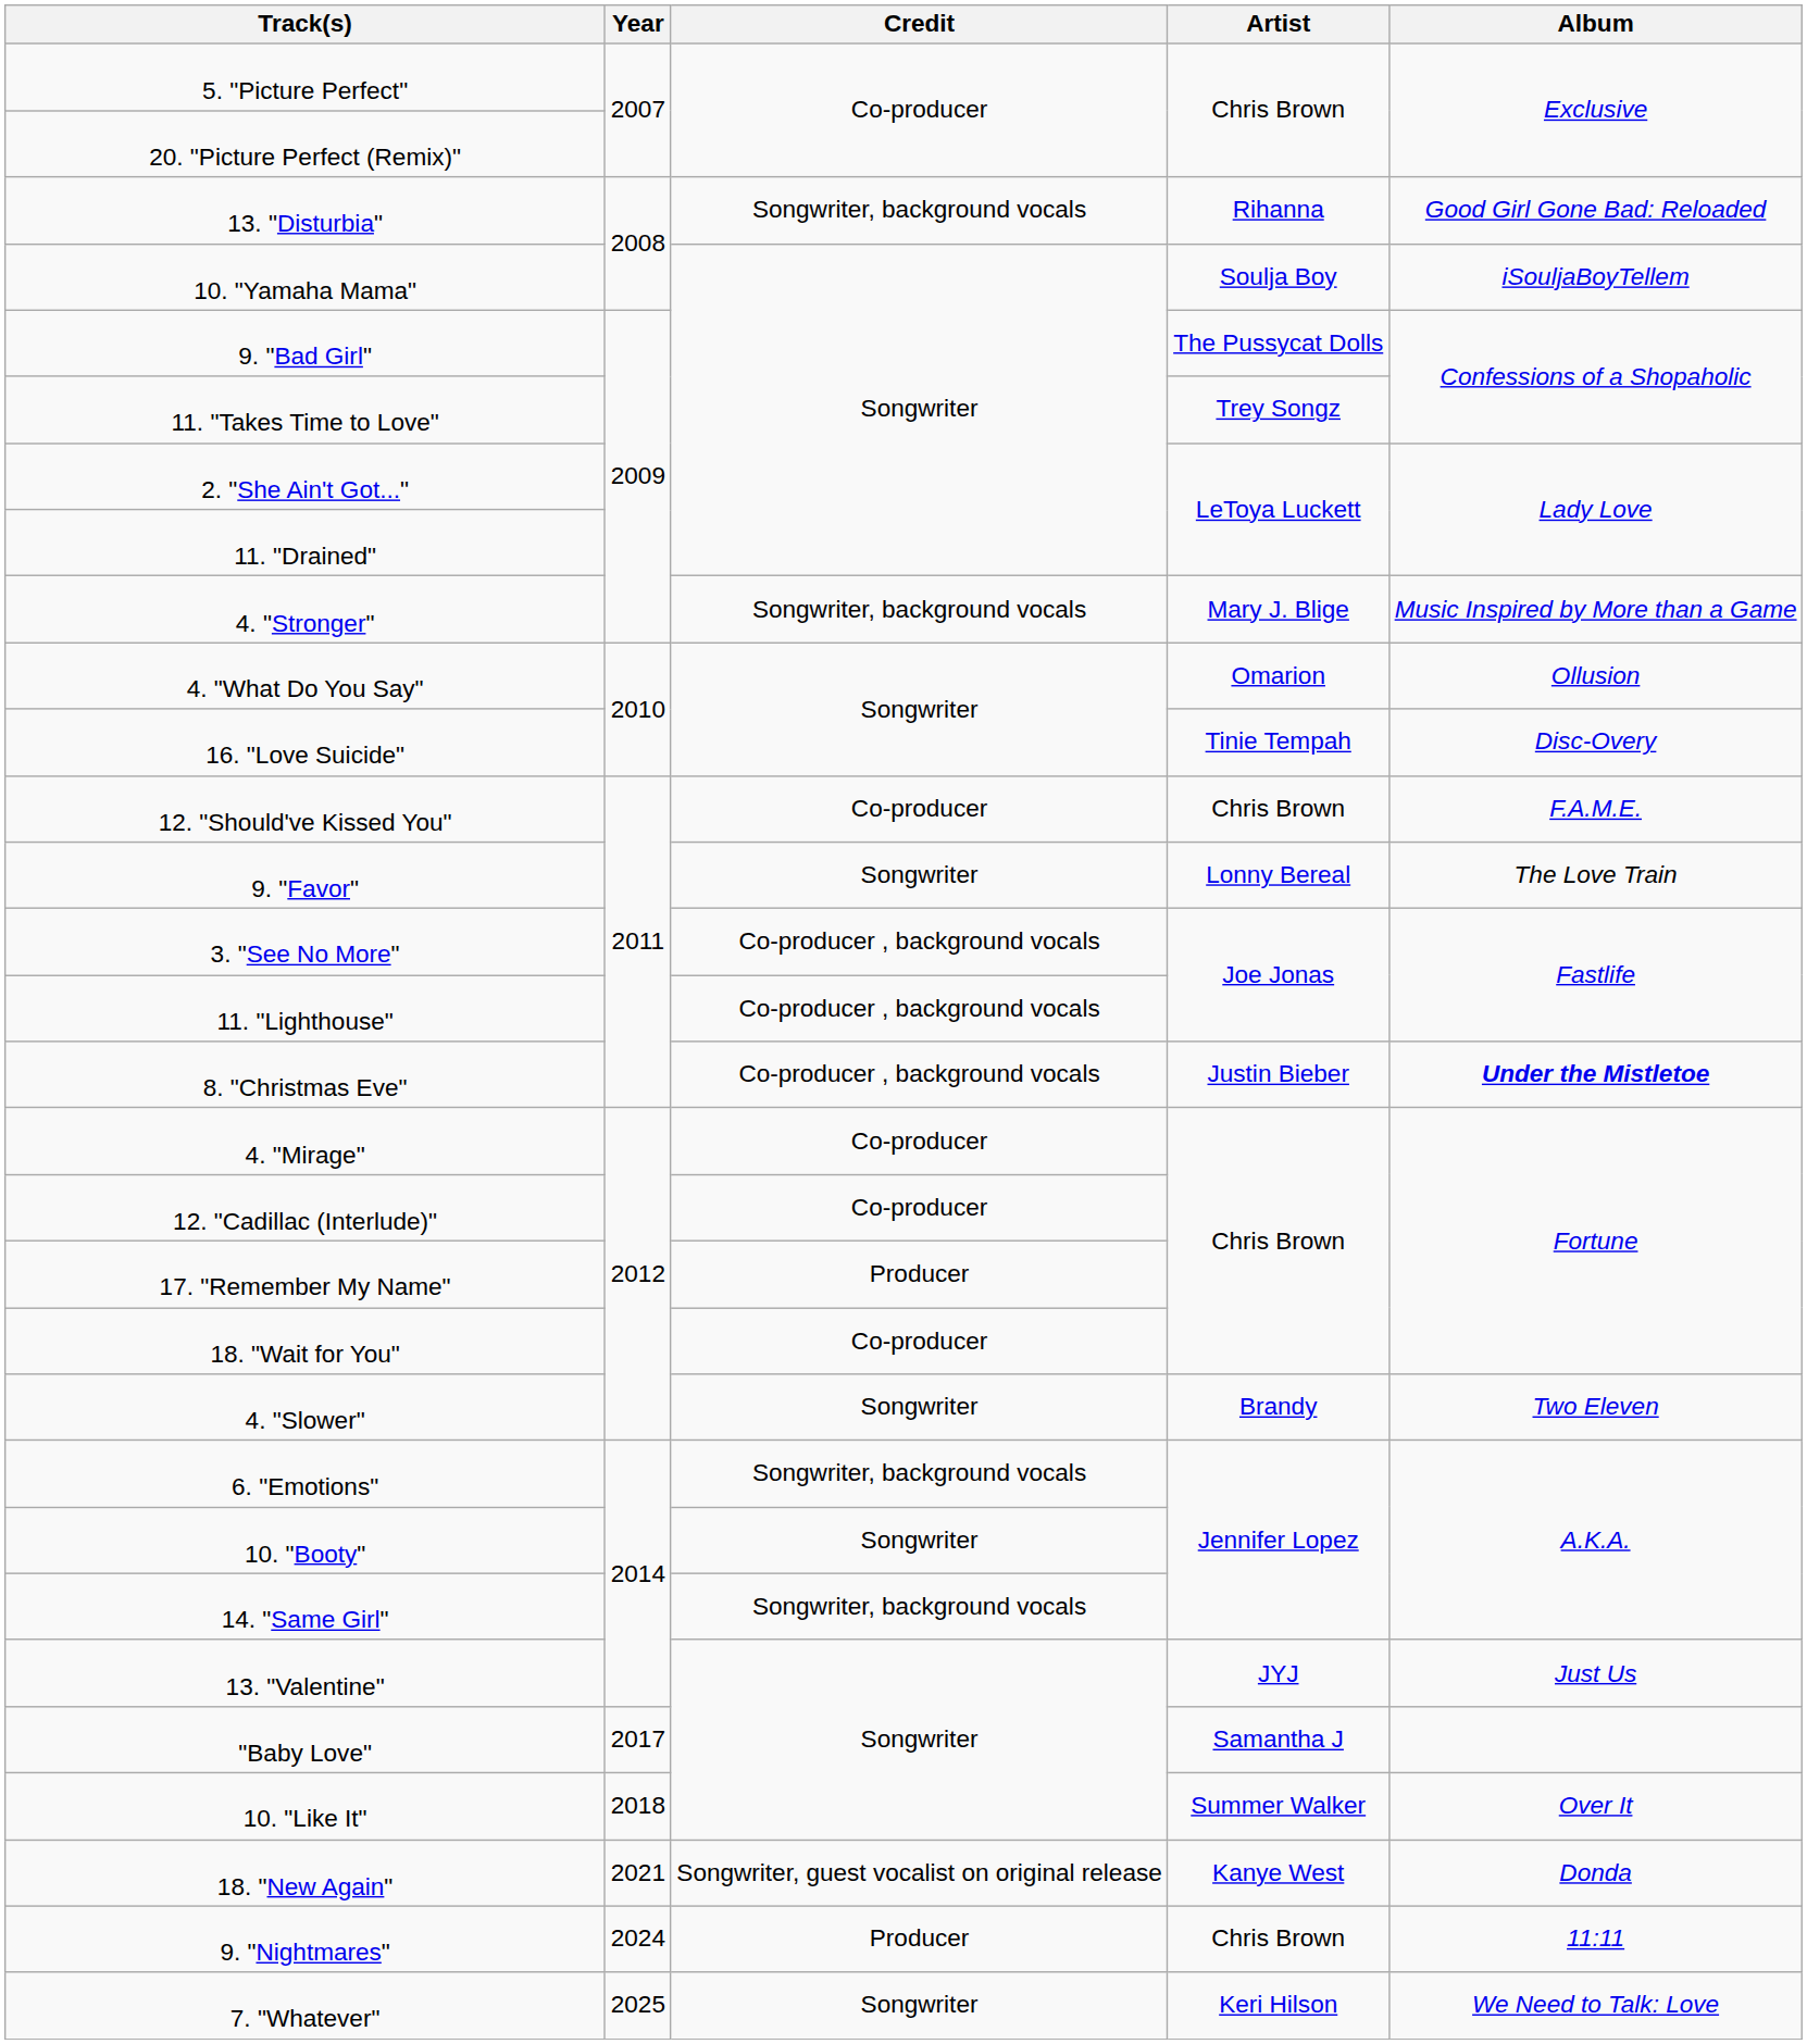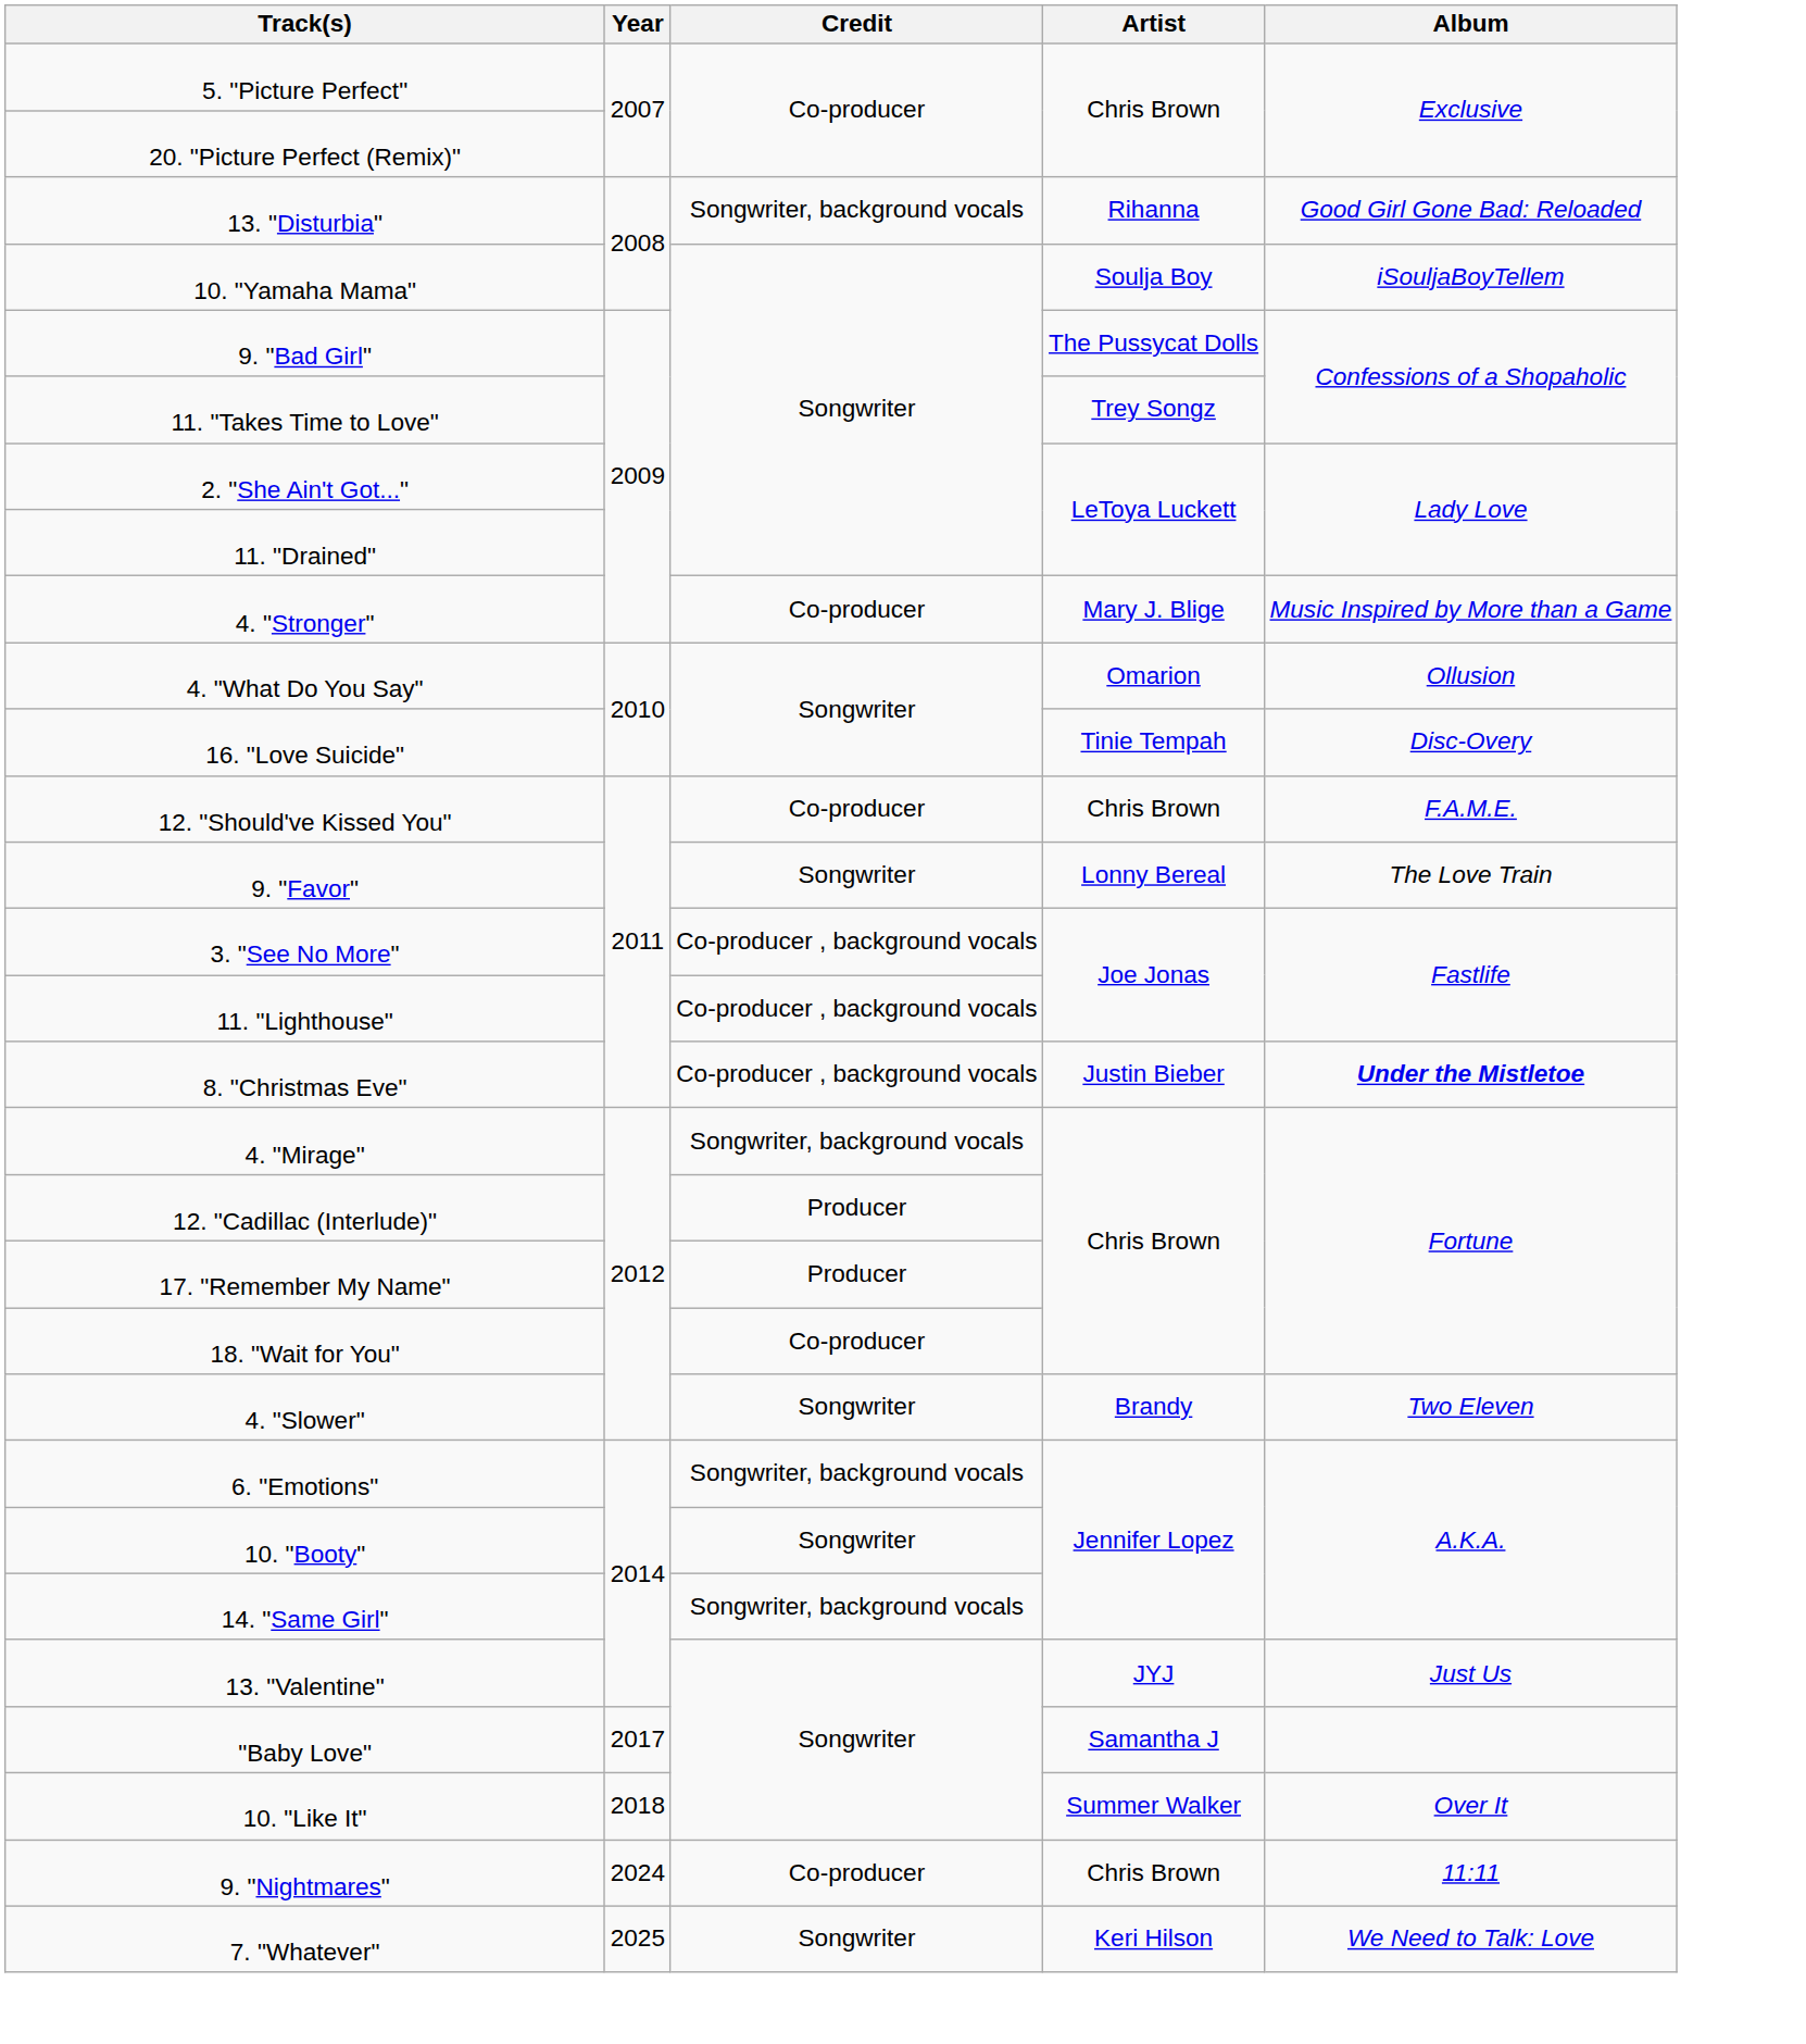 <table class="wikitable plainrowheaders" style="text-align:center;">
 <tr>
 <th scope="col" style="width:24em;">Track(s)</th>
 <th scope="col" style="width:1em;">Year</th>
 <th scope="col">Credit</th>
 <th scope="col">Artist</th>
 <th scope="col">Album</th>
 </tr>
 <tr>
 <td><br>5. "Picture Perfect" <br></td>
 <td rowspan="2">2007</td>
 <td rowspan="2">Co-producer </td>
 <td rowspan="2">Chris Brown</td>
 <td rowspan="2"><em><a href='#'>Exclusive</a></em></td>
 </tr>
 <tr>
 <td><br>20. "Picture Perfect (Remix)" <br></td>
 </tr>
 <tr>
 <td><br>13. "<a href='#'>Disturbia</a>"</td>
 <td rowspan="2">2008</td>
 <td>Songwriter, background vocals</td>
 <td><a href='#'>Rihanna</a></td>
 <td><em><a href='#'>Good Girl Gone Bad: Reloaded</a></em></td>
 </tr>
 <tr>
 <td><br>10. "Yamaha Mama" <br></td>
 <td rowspan="5">Songwriter</td>
 <td><a href='#'>Soulja Boy</a></td>
 <td><em><a href='#'>iSouljaBoyTellem</a></em></td>
 </tr>
 <tr>
 <td><br>9. "<a href='#'>Bad Girl</a>"</td>
 <td rowspan="5">2009</td>
 <td><a href='#'>The Pussycat Dolls</a></td>
 <td rowspan="2"><em><a href='#'>Confessions of a Shopaholic</a></em></td>
 </tr>
 <tr>
 <td><br>11. "Takes Time to Love"</td>
 <td><a href='#'>Trey Songz</a></td>
 </tr>
 <tr>
 <td><br>2. "<a href='#'>She Ain't Got...</a>"</td>
 <td rowspan="2"><a href='#'>LeToya Luckett</a></td>
 <td rowspan="2"><em><a href='#'>Lady Love</a></em></td>
 </tr>
 <tr>
 <td><br>11. "Drained"</td>
 </tr>
 <tr>
 <td><br>4. "<a href='#'>Stronger</a>"</td>
-<td>Songwriter, background vocals</td>
+<td>Co-producer </td>
 <td><a href='#'>Mary J. Blige</a></td>
 <td><em><a href='#'>Music Inspired by More than a Game</a></em></td>
 </tr>
 <tr>
 <td><br>4. "What Do You Say"</td>
 <td rowspan="2">2010</td>
 <td rowspan="2">Songwriter</td>
 <td><a href='#'>Omarion</a></td>
 <td><em><a href='#'>Ollusion</a></em></td>
 </tr>
 <tr>
 <td><br>16. "Love Suicide" <br></td>
 <td><a href='#'>Tinie Tempah</a></td>
 <td><em><a href='#'>Disc-Overy</a></em></td>
 </tr>
 <tr>
 <td><br>12. "Should've Kissed You"</td>
 <td rowspan="5">2011</td>
 <td>Co-producer </td>
 <td>Chris Brown</td>
 <td><em><a href='#'>F.A.M.E.</a></em></td>
 </tr>
 <tr>
 <td><br>9. "<a href='#'>Favor</a>" <br></td>
 <td>Songwriter</td>
 <td><a href='#'>Lonny Bereal</a></td>
 <td><em>The Love Train</em></td>
 </tr>
 <tr>
 <td><br>3. "<a href='#'>See No More</a>"</td>
 <td>Co-producer , background vocals</td>
 <td rowspan="2"><a href='#'>Joe Jonas</a></td>
 <td rowspan="2"><em><a href='#'>Fastlife</a></em></td>
 </tr>
 <tr>
 <td><br>11. "Lighthouse"</td>
 <td>Co-producer , background vocals</td>
 </tr>
 <tr>
 <td><br>8. "Christmas Eve"</td>
 <td>Co-producer , background vocals</td>
 <td><a href='#'>Justin Bieber</a></td>
 <td><strong><em><a href='#'>Under the Mistletoe</a></em></strong></td>
 </tr>
 <tr>
 <td><br>4. "Mirage"</td>
 <td rowspan="5">2012</td>
-<td>Co-producer </td>
+<td>Songwriter, background vocals</td>
 <td rowspan="4">Chris Brown</td>
 <td rowspan="4"><em><a href='#'>Fortune</a></em></td>
 </tr>
 <tr>
 <td><br>12. "Cadillac (Interlude)"</td>
-<td>Co-producer </td>
+<td>Producer</td>
 </tr>
 <tr>
 <td><br>17. "Remember My Name"</td>
 <td>Producer </td>
 </tr>
 <tr>
 <td><br>18. "Wait for You"</td>
 <td>Co-producer </td>
 </tr>
 <tr>
 <td><br>4. "Slower"</td>
 <td>Songwriter</td>
 <td><a href='#'>Brandy</a></td>
 <td><em><a href='#'>Two Eleven</a></em></td>
 </tr>
 <tr>
 <td><br>6. "Emotions"</td>
 <td rowspan="4">2014</td>
 <td>Songwriter, background vocals</td>
 <td rowspan="3"><a href='#'>Jennifer Lopez</a></td>
 <td rowspan="3"><em><a href='#'>A.K.A.</a></em></td>
 </tr>
 <tr>
 <td><br>10. "<a href='#'>Booty</a>" <br></td>
 <td>Songwriter</td>
 </tr>
 <tr>
 <td><br>14. "<a href='#'>Same Girl</a>" <br></td>
 <td>Songwriter, background vocals</td>
 </tr>
 <tr>
 <td><br>13. "Valentine"</td>
 <td rowspan="3">Songwriter</td>
 <td><a href='#'>JYJ</a></td>
 <td><em><a href='#'>Just Us</a></em></td>
 </tr>
 <tr>
 <td><br>"Baby Love" <br></td>
 <td>2017</td>
 <td><a href='#'>Samantha J</a></td>
 <td></td>
 </tr>
 <tr>
 <td><br>10. "Like It" <br></td>
 <td>2018</td>
 <td><a href='#'>Summer Walker</a></td>
 <td><em><a href='#'>Over It</a></em></td>
 </tr>
 <tr>
-<td><br>18. "<a href='#'>New Again</a>"</td>
-<td>2021</td>
-<td>Songwriter, guest vocalist on original release</td>
-<td><a href='#'>Kanye West</a></td>
-<td><em><a href='#'>Donda</a></em></td>
-</tr>
-<tr>
 <td><br>9. "<a href='#'>Nightmares</a>" <br></td>
 <td rowspan="1">2024</td>
-<td>Producer</td>
+<td>Co-producer </td>
 <td>Chris Brown</td>
 <td><em><a href='#'>11:11</a></em></td>
 </tr>
 <tr>
 <td><br>7.	"Whatever"</td>
 <td>2025</td>
 <td>Songwriter</td>
 <td><a href='#'>Keri Hilson</a></td>
 <td><em><a href='#'>We Need to Talk: Love</a></em></td>
 </tr>
 </table>
